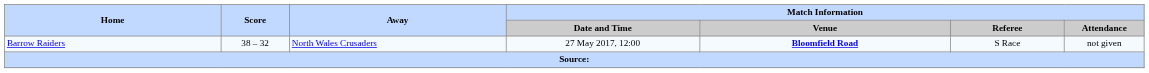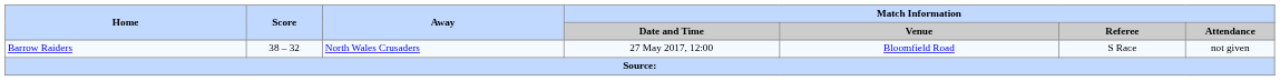 <table border=1 style="border-collapse:collapse; font-size:80%; text-align:center;" cellpadding=3 cellspacing=0 width=100%>
 <tr bgcolor=#C1D8FF>
 <th rowspan=2 width=19%>Home</th>
 <th rowspan=2 width=6%>Score</th>
 <th rowspan=2 width=19%>Away</th>
 <th colspan=6>Match Information</th>
 </tr>
 <tr bgcolor=#CCCCCC>
 <th width=17%>Date and Time</th>
 <th width=22%>Venue</th>
 <th width=10%>Referee</th>
 <th width=7%>Attendance</th>
 </tr>
 <tr bgcolor=#F5FAFF>
 <td align=left> <a href='#'>Barrow Raiders</a></td>
 <td>38 – 32</td>
 <td align=left> <a href='#'>North Wales Crusaders</a></td>
 <td>27 May 2017, 12:00</td>
-<td><strong><a href='#'>Bloomfield Road</a></strong></td>
+<td><a href='#'>Bloomfield Road</a></td>
 <td>S Race</td>
 <td>not given</td>
 </tr>
 <tr style="background:#c1d8ff;">
 <th colspan=12>Source:</th>
 </tr>
 </table>
